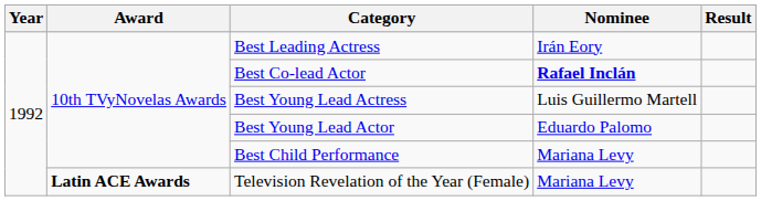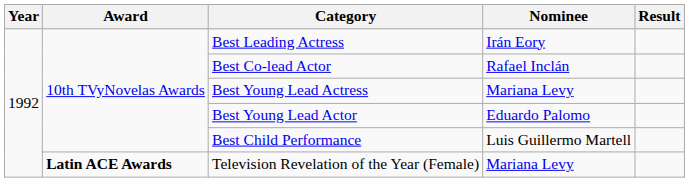 <table class="wikitable">
 <tr style="background:#b0c4de;">
 <th>Year</th>
 <th>Award</th>
 <th>Category</th>
 <th>Nominee</th>
 <th>Result</th>
 </tr>
 <tr>
 <td rowspan=6>1992</td>
 <td rowspan=5><a href='#'>10th TVyNovelas Awards</a></td>
 <td><a href='#'>Best Leading Actress</a></td>
 <td><a href='#'>Irán Eory</a></td>
 <td></td>
 </tr>
 <tr>
 <td><a href='#'>Best Co-lead Actor</a></td>
-<td><strong><a href='#'>Rafael Inclán</a></strong></td>
+<td><a href='#'>Rafael Inclán</a></td>
 <td></td>
 </tr>
 <tr>
 <td><a href='#'>Best Young Lead Actress</a></td>
-<td>Luis Guillermo Martell</td>
+<td><a href='#'>Mariana Levy</a></td>
 <td></td>
 </tr>
 <tr>
 <td><a href='#'>Best Young Lead Actor</a></td>
 <td><a href='#'>Eduardo Palomo</a></td>
 <td></td>
 </tr>
 <tr>
 <td><a href='#'>Best Child Performance</a></td>
-<td><a href='#'>Mariana Levy</a></td>
+<td>Luis Guillermo Martell</td>
 <td></td>
 </tr>
 <tr>
 <td><strong>Latin ACE Awards</strong></td>
 <td>Television Revelation of the Year (Female)</td>
 <td><a href='#'>Mariana Levy</a></td>
 <td></td>
 </tr>
 </table>
